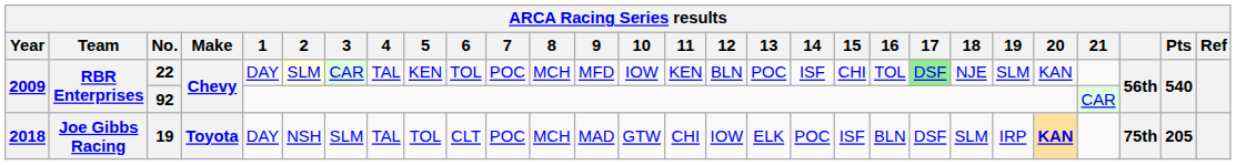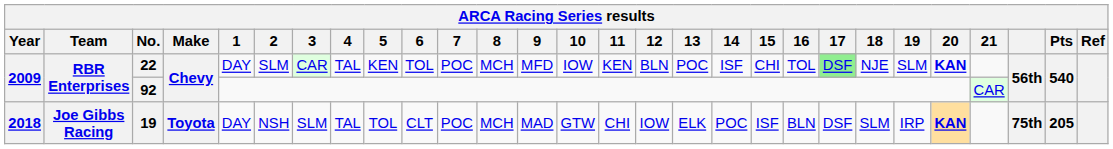 <table class="wikitable" style="text-align:center; font-size:75%">
 <tr>
 <th colspan=28><a href='#'>ARCA Racing Series</a> results</th>
 </tr>
 <tr>
 <th>Year</th>
 <th>Team</th>
 <th>No.</th>
 <th>Make</th>
 <th>1</th>
 <th>2</th>
 <th>3</th>
 <th>4</th>
 <th>5</th>
 <th>6</th>
 <th>7</th>
 <th>8</th>
 <th>9</th>
 <th>10</th>
 <th>11</th>
 <th>12</th>
 <th>13</th>
 <th>14</th>
 <th>15</th>
 <th>16</th>
 <th>17</th>
 <th>18</th>
 <th>19</th>
 <th>20</th>
 <th>21</th>
 <th></th>
 <th>Pts</th>
 <th>Ref</th>
 </tr>
 <tr>
 <th rowspan=2><a href='#'>2009</a></th>
 <th rowspan=2><a href='#'>RBR Enterprises</a></th>
 <th>22</th>
 <th rowspan=2><a href='#'>Chevy</a></th>
 <td><a href='#'>DAY</a></td>
-<td style="background: lightyellow;"><a href='#'>SLM</a></td>
+<td><a href='#'>SLM</a></td>
 <td style="background:#DFFFDF;"><a href='#'>CAR</a><br></td>
 <td><a href='#'>TAL</a></td>
 <td><a href='#'>KEN</a></td>
 <td><a href='#'>TOL</a></td>
 <td><a href='#'>POC</a></td>
 <td><a href='#'>MCH</a></td>
 <td><a href='#'>MFD</a></td>
 <td><a href='#'>IOW</a></td>
 <td><a href='#'>KEN</a></td>
 <td><a href='#'>BLN</a></td>
 <td><a href='#'>POC</a></td>
 <td><a href='#'>ISF</a></td>
 <td><a href='#'>CHI</a></td>
 <td><a href='#'>TOL</a></td>
 <td style="background: lightgreen;"><a href='#'>DSF</a></td>
 <td><a href='#'>NJE</a></td>
 <td><a href='#'>SLM</a></td>
-<td><a href='#'>KAN</a></td>
+<td><strong><a href='#'>KAN</a></strong></td>
 <td></td>
 <th rowspan=2>56th</th>
 <th rowspan=2>540</th>
 <th rowspan=2></th>
 </tr>
 <tr>
 <th>92</th>
 <td colspan=20></td>
 <td style="background:#DFFFDF;"><a href='#'>CAR</a><br></td>
 </tr>
 <tr>
 <th><a href='#'>2018</a></th>
 <th><a href='#'>Joe Gibbs Racing</a></th>
 <th>19</th>
 <th><a href='#'>Toyota</a></th>
 <td><a href='#'>DAY</a></td>
 <td><a href='#'>NSH</a></td>
 <td><a href='#'>SLM</a></td>
 <td><a href='#'>TAL</a></td>
 <td><a href='#'>TOL</a></td>
 <td><a href='#'>CLT</a></td>
 <td><a href='#'>POC</a></td>
 <td><a href='#'>MCH</a></td>
 <td><a href='#'>MAD</a></td>
 <td><a href='#'>GTW</a></td>
 <td><a href='#'>CHI</a></td>
 <td><a href='#'>IOW</a></td>
 <td><a href='#'>ELK</a></td>
 <td><a href='#'>POC</a></td>
 <td><a href='#'>ISF</a></td>
 <td><a href='#'>BLN</a></td>
 <td><a href='#'>DSF</a></td>
 <td><a href='#'>SLM</a></td>
 <td><a href='#'>IRP</a></td>
 <td style="background:#FFDF9F;"><strong><a href='#'>KAN</a></strong><br></td>
 <td></td>
 <th>75th</th>
 <th>205</th>
 <th></th>
 </tr>
 </table>
